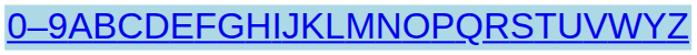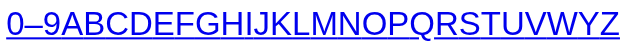 <table id="toc" class="toc" summary="Class">
 <tr>
 <th></th>
 </tr>
 <tr>
-<td style="background: lightblue; text-align:center;"><a href='#'>0–9</a><a href='#'>A</a><a href='#'>B</a><a href='#'>C</a><a href='#'>D</a><a href='#'>E</a><a href='#'>F</a><a href='#'>G</a><a href='#'>H</a><a href='#'>I</a><a href='#'>J</a><a href='#'>K</a><a href='#'>L</a><a href='#'>M</a><a href='#'>N</a><a href='#'>O</a><a href='#'>P</a><a href='#'>Q</a><a href='#'>R</a><a href='#'>S</a><a href='#'>T</a><a href='#'>U</a><a href='#'>V</a><a href='#'>W</a><a href='#'>Y</a><a href='#'>Z</a></td>
+<td style="text-align:center;"><a href='#'>0–9</a><a href='#'>A</a><a href='#'>B</a><a href='#'>C</a><a href='#'>D</a><a href='#'>E</a><a href='#'>F</a><a href='#'>G</a><a href='#'>H</a><a href='#'>I</a><a href='#'>J</a><a href='#'>K</a><a href='#'>L</a><a href='#'>M</a><a href='#'>N</a><a href='#'>O</a><a href='#'>P</a><a href='#'>Q</a><a href='#'>R</a><a href='#'>S</a><a href='#'>T</a><a href='#'>U</a><a href='#'>V</a><a href='#'>W</a><a href='#'>Y</a><a href='#'>Z</a></td>
 </tr>
 </table>
